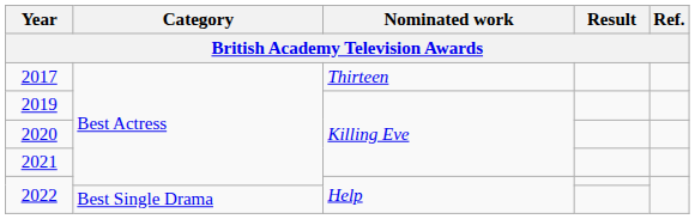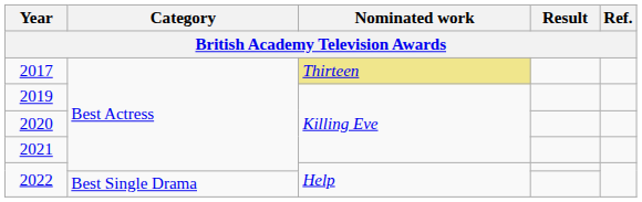 <table class=wikitable>
 <tr>
 <th scope="col" style="width:5em;">Year</th>
 <th scope="col" style="width:26em;">Category</th>
 <th scope="col" style="width:25em;">Nominated work</th>
 <th scope="col" style="width:5em;">Result</th>
 <th>Ref.</th>
 </tr>
 <tr>
 <th colspan=5><a href='#'>British Academy Television Awards</a></th>
 </tr>
 <tr>
 <td style="text-align:center;"><a href='#'>2017</a></td>
 <td rowspan=5><a href='#'>Best Actress</a></td>
-<td><em><a href='#'>Thirteen</a></em></td>
+<td style="background: khaki;"><em><a href='#'>Thirteen</a></em></td>
 <td></td>
 <td style="text-align:center;"></td>
 </tr>
 <tr>
 <td style="text-align:center;"><a href='#'>2019</a></td>
 <td rowspan=3><em><a href='#'>Killing Eve</a></em></td>
 <td></td>
 <td style="text-align:center;"></td>
 </tr>
 <tr>
 <td style="text-align:center;"><a href='#'>2020</a></td>
 <td></td>
 <td style="text-align:center;"></td>
 </tr>
 <tr>
 <td style="text-align:center;"><a href='#'>2021</a></td>
 <td></td>
 <td style="text-align:center;"></td>
 </tr>
 <tr>
 <td rowspan="2" style="text-align:center;"><a href='#'>2022</a></td>
 <td rowspan="2"><em><a href='#'>Help</a></em></td>
 <td></td>
 <td rowspan="2" style="text-align:center;"></td>
 </tr>
 <tr>
 <td><a href='#'>Best Single Drama</a></td>
 <td></td>
 </tr>
 </table>
